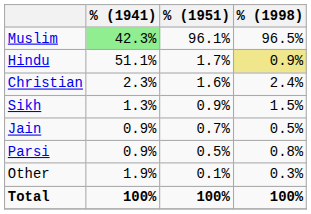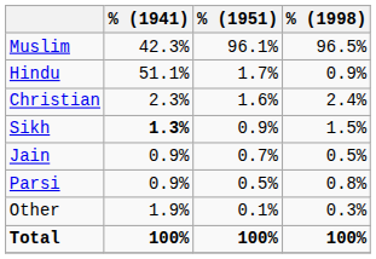 <table class="wikitable sortable" style="text-align:right">
 <tr>
 <th></th>
 <th>% (1941)</th>
 <th>% (1951)</th>
 <th>% (1998)</th>
 </tr>
 <tr>
 <td style="text-align: left;"><a href='#'>Muslim</a></td>
-<td style="background: lightgreen;">42.3%</td>
+<td>42.3%</td>
 <td>96.1%</td>
 <td>96.5%</td>
 </tr>
 <tr>
 <td style="text-align: left;"><a href='#'>Hindu</a></td>
 <td>51.1%</td>
 <td>1.7%</td>
-<td style="background: khaki;">0.9%</td>
+<td>0.9%</td>
 </tr>
 <tr>
 <td style="text-align: left;"><a href='#'>Christian</a></td>
 <td>2.3%</td>
 <td>1.6%</td>
 <td>2.4%</td>
 </tr>
 <tr>
 <td style="text-align: left;"><a href='#'>Sikh</a></td>
-<td>1.3%</td>
+<td><strong>1.3%</strong></td>
 <td>0.9%</td>
 <td>1.5%</td>
 </tr>
 <tr>
 <td style="text-align: left;"><a href='#'>Jain</a></td>
 <td>0.9%</td>
 <td>0.7%</td>
 <td>0.5%</td>
 </tr>
 <tr>
 <td style="text-align: left;"><a href='#'>Parsi</a></td>
 <td>0.9%</td>
 <td>0.5%</td>
 <td>0.8%</td>
 </tr>
 <tr>
 <td style="text-align: left;">Other</td>
 <td>1.9%</td>
 <td>0.1%</td>
 <td>0.3%</td>
 </tr>
 <tr>
 <td style="text-align: left;"><strong>Total</strong></td>
 <td><strong>100%</strong></td>
 <td><strong>100%</strong></td>
 <td><strong>100%</strong></td>
 </tr>
 <tr>
 </tr>
 </table>
